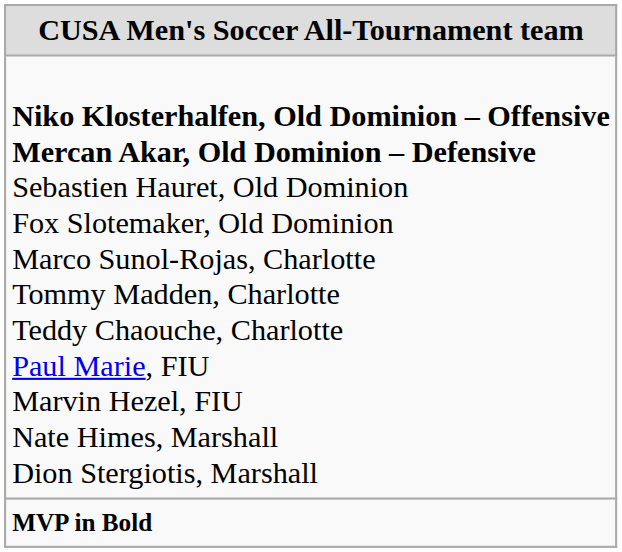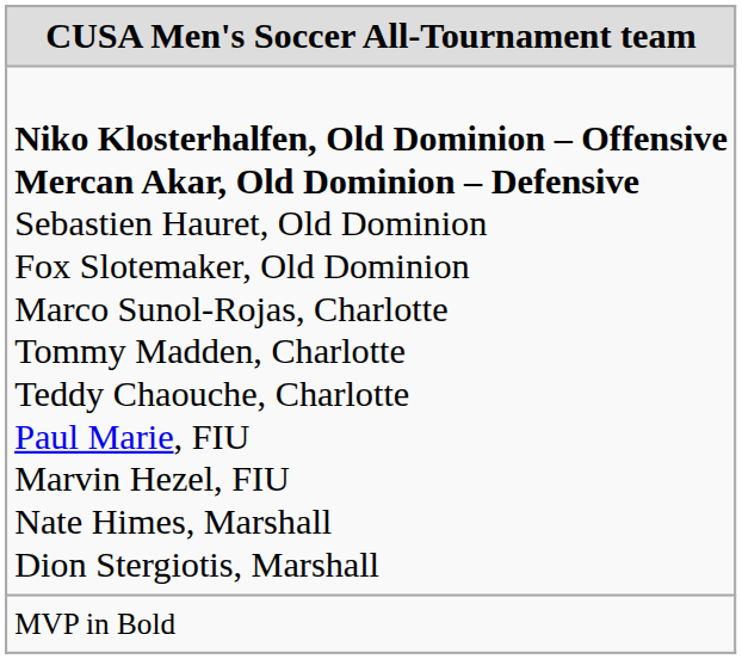 <table class="wikitable" style="white-space:nowrap; font-size:90%;">
 <tr>
 <td colspan="7" style="text-align:center; background:#ddd;"><strong>CUSA Men's Soccer All-Tournament team</strong></td>
 </tr>
 <tr>
 <td><br><strong>Niko Klosterhalfen, Old Dominion – Offensive</strong><br> <strong>Mercan Akar, Old Dominion – Defensive</strong><br> Sebastien Hauret, Old Dominion<br> Fox Slotemaker, Old Dominion<br> Marco Sunol-Rojas, Charlotte<br> Tommy Madden, Charlotte<br> Teddy Chaouche, Charlotte<br> <a href='#'>Paul Marie</a>, FIU<br> Marvin Hezel, FIU<br> Nate Himes, Marshall<br> Dion Stergiotis, Marshall</td>
 </tr>
 <tr>
-<td><strong><small>MVP in Bold</small></strong></td>
+<td><small>MVP in Bold</small></td>
 </tr>
 </table>
